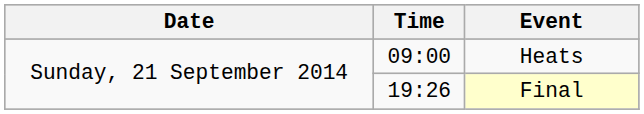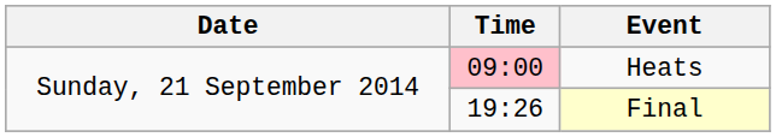 <table class = "wikitable" style="text-align:center;">
 <tr>
 <th width=220>Date</th>
 <th width=50>Time</th>
 <th width=100>Event</th>
 </tr>
 <tr>
 <td rowspan=2>Sunday, 21 September 2014</td>
-<td>09:00</td>
+<td style="background: pink;">09:00</td>
 <td>Heats</td>
 </tr>
 <tr>
 <td>19:26</td>
 <td bgcolor=ffffcc>Final</td>
 </tr>
 </table>
